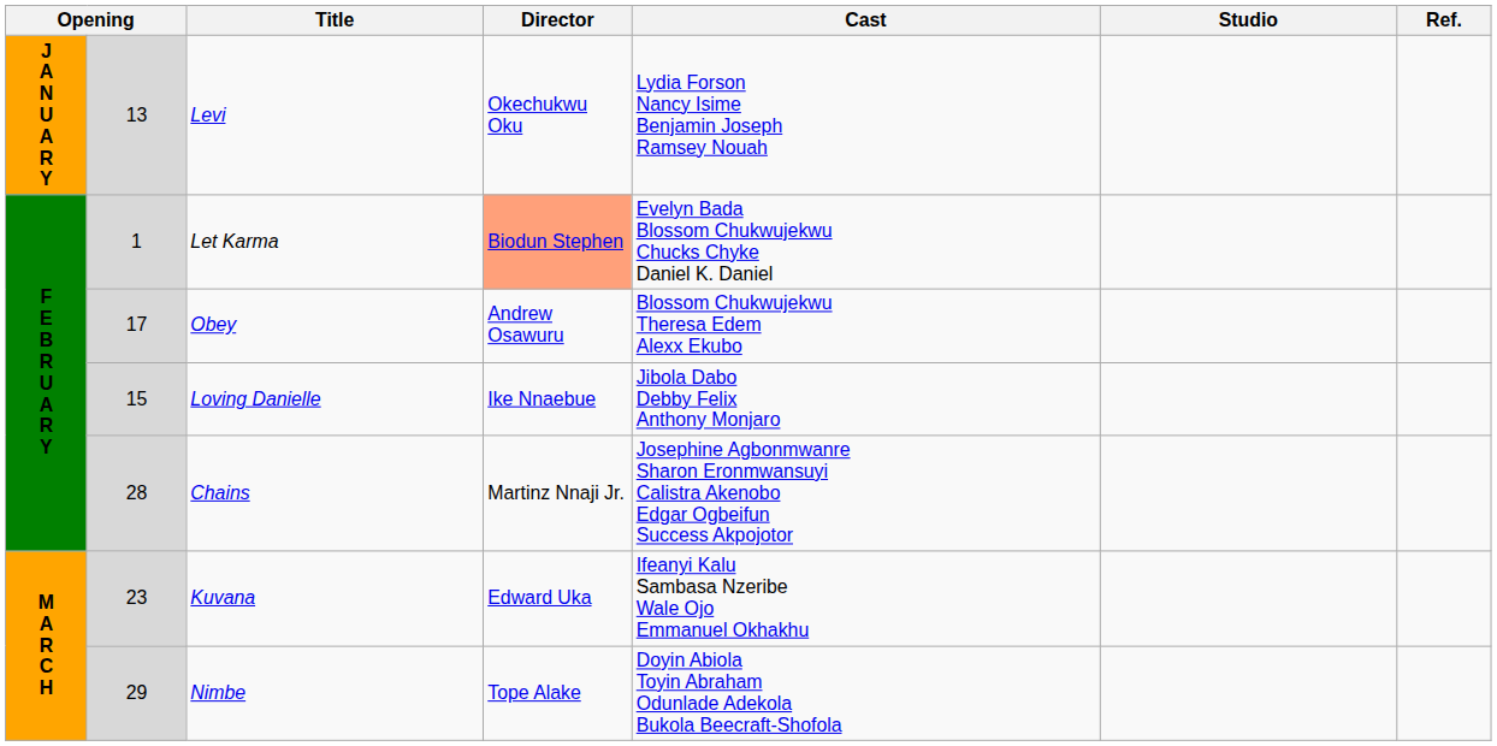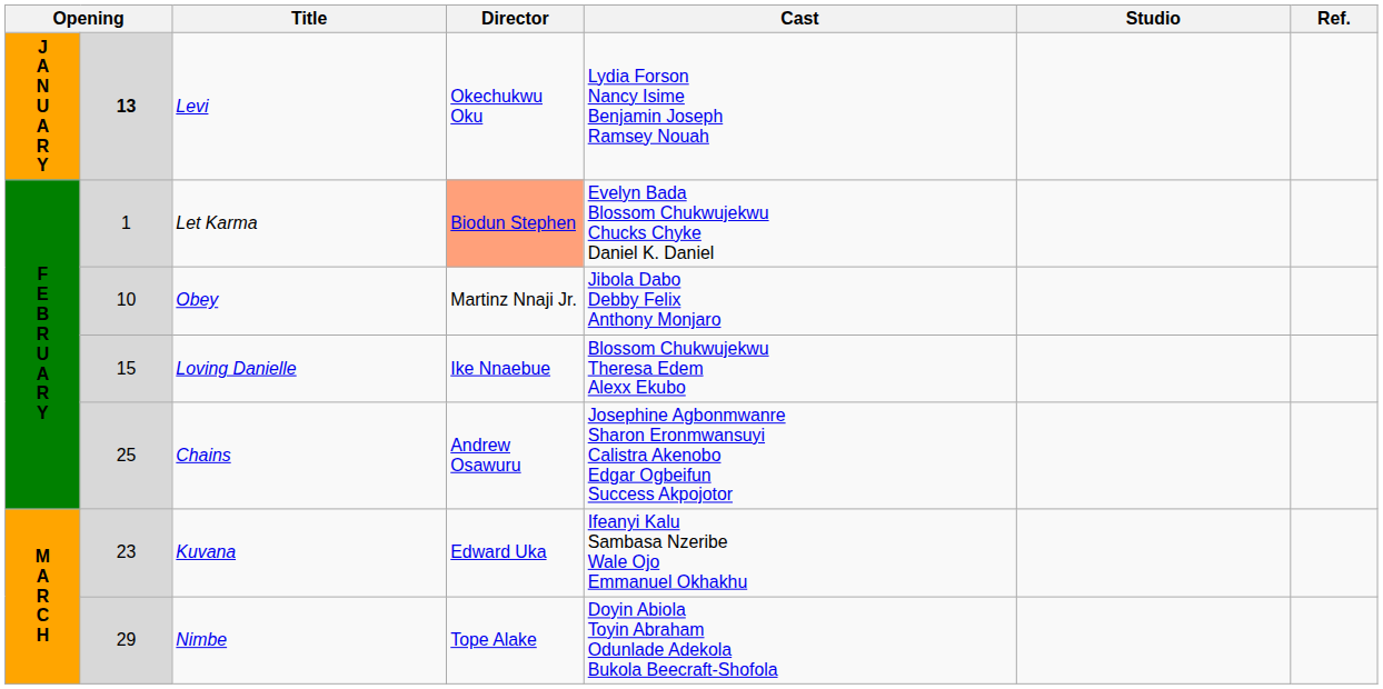 <table class="wikitable">
 <tr>
 <th colspan="2">Opening</th>
 <th style="width:20%;">Title</th>
 <th style="width:10%;">Director</th>
 <th>Cast</th>
 <th style="width:20%">Studio</th>
 <th>Ref.</th>
 </tr>
 <tr>
 <td rowspan=1 style="text-align:center; background:orange; textcolor:#000;"><strong>J<br>A<br>N<br>U<br>A<br>R<br>Y<br></strong></td>
-<td rowspan=1 style="text-align:center; background:#d8d8d8; textcolor:#000;">13</td>
+<td rowspan=1 style="text-align:center; background:#d8d8d8; textcolor:#000;"><strong>13</strong></td>
 <td><em><a href='#'>Levi</a></em></td>
 <td><a href='#'>Okechukwu Oku</a></td>
 <td><a href='#'>Lydia Forson</a><br><a href='#'>Nancy Isime</a><br><a href='#'>Benjamin Joseph</a><br><a href='#'>Ramsey Nouah</a></td>
 <td></td>
 <td></td>
 </tr>
 <tr>
 <td rowspan=4 style="text-align:center; background:green; textcolor:#000;"><strong>F<br>E<br>B<br>R<br>U<br>A<br>R<br>Y<br></strong></td>
 <td rowspan=1 style="text-align:center; background:#d8d8d8; textcolor:#000;">1</td>
 <td><em>Let Karma</em></td>
 <td style="background: lightsalmon;"><a href='#'>Biodun Stephen</a></td>
 <td><a href='#'>Evelyn Bada</a><br><a href='#'>Blossom Chukwujekwu</a><br><a href='#'>Chucks Chyke</a> <br> Daniel K. Daniel</td>
 <td></td>
 <td></td>
 </tr>
 <tr>
-<td rowspan=1 style="text-align:center; background:#d8d8d8; textcolor:#000;">17</td>
+<td rowspan=1 style="text-align:center; background:#d8d8d8; textcolor:#000;">10</td>
 <td><em><a href='#'>Obey</a></em></td>
-<td><a href='#'>Andrew Osawuru</a></td>
-<td><a href='#'>Blossom Chukwujekwu</a><br><a href='#'>Theresa Edem</a><br><a href='#'>Alexx Ekubo</a> <br></td>
+<td>Martinz Nnaji Jr.</td>
+<td><a href='#'>Jibola Dabo</a><br><a href='#'>Debby Felix</a><br><a href='#'>Anthony Monjaro</a></td>
 <td></td>
 <td></td>
 </tr>
 <tr>
 <td rowspan=1 style="text-align:center; background:#d8d8d8; textcolor:#000;">15</td>
 <td><em><a href='#'>Loving Danielle</a></em></td>
 <td><a href='#'>Ike Nnaebue</a></td>
-<td><a href='#'>Jibola Dabo</a><br><a href='#'>Debby Felix</a><br><a href='#'>Anthony Monjaro</a></td>
+<td><a href='#'>Blossom Chukwujekwu</a><br><a href='#'>Theresa Edem</a><br><a href='#'>Alexx Ekubo</a> <br></td>
 <td></td>
 <td></td>
 </tr>
 <tr>
-<td rowspan=1 style="text-align:center; background:#d8d8d8; textcolor:#000;">28</td>
+<td rowspan=1 style="text-align:center; background:#d8d8d8; textcolor:#000;">25</td>
 <td><em><a href='#'>Chains</a></em></td>
-<td>Martinz Nnaji Jr.</td>
+<td><a href='#'>Andrew Osawuru</a></td>
 <td><a href='#'>Josephine Agbonmwanre</a><br><a href='#'>Sharon Eronmwansuyi</a><br><a href='#'>Calistra Akenobo</a><br><a href='#'>Edgar Ogbeifun</a>  <br> <a href='#'>Success Akpojotor</a></td>
 <td></td>
 <td></td>
 </tr>
 <tr>
 <td rowspan=2 style="text-align:center; background:orange; textcolor:#000;"><strong>M<br>A<br>R<br>C<br>H<br></strong></td>
 <td rowspan=1 style="text-align:center; background:#d8d8d8; textcolor:#000;">23</td>
 <td><em><a href='#'>Kuvana</a></em></td>
 <td><a href='#'>Edward Uka</a></td>
 <td><a href='#'>Ifeanyi Kalu</a><br>Sambasa Nzeribe<br><a href='#'>Wale Ojo</a><br><a href='#'>Emmanuel Okhakhu</a></td>
 <td></td>
 <td></td>
 </tr>
 <tr>
 <td rowspan=1 style="text-align:center; background:#d8d8d8; textcolor:#000;">29</td>
 <td><em><a href='#'>Nimbe</a></em></td>
 <td><a href='#'>Tope Alake</a></td>
 <td><a href='#'>Doyin Abiola</a><br><a href='#'>Toyin Abraham</a><br><a href='#'>Odunlade Adekola</a><br><a href='#'>Bukola Beecraft-Shofola</a></td>
 <td></td>
 <td></td>
 </tr>
 </table>
